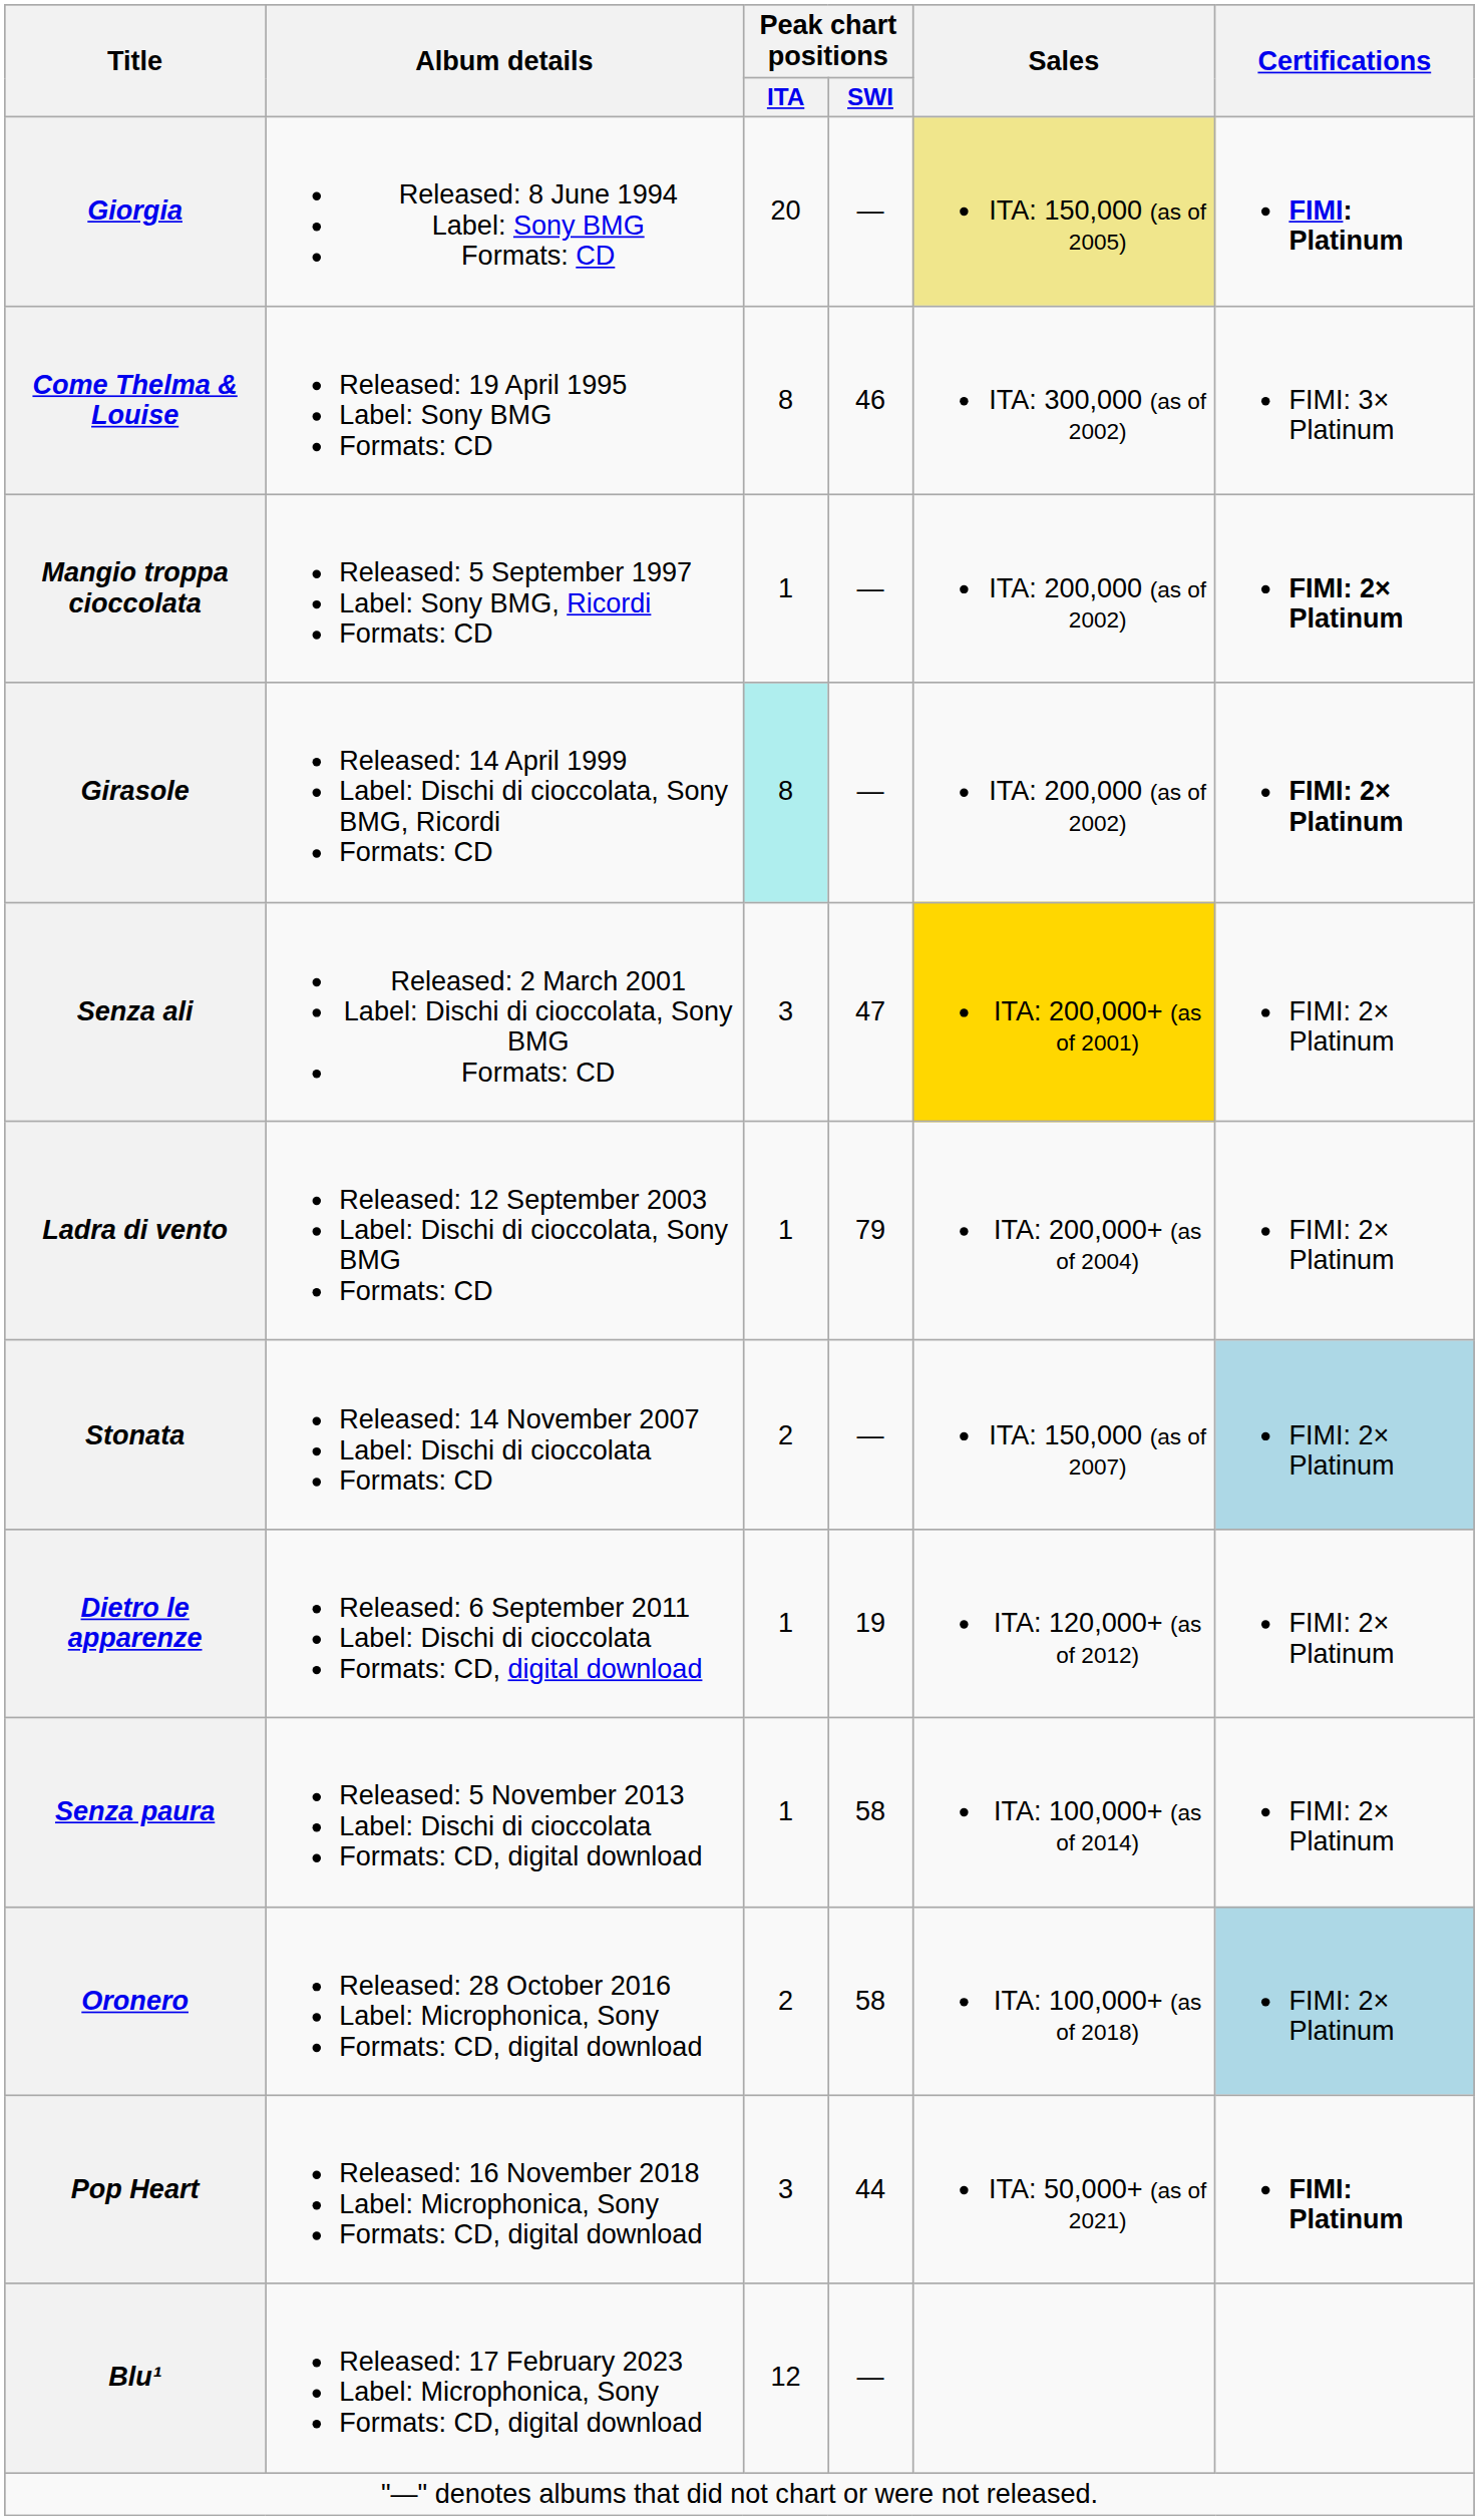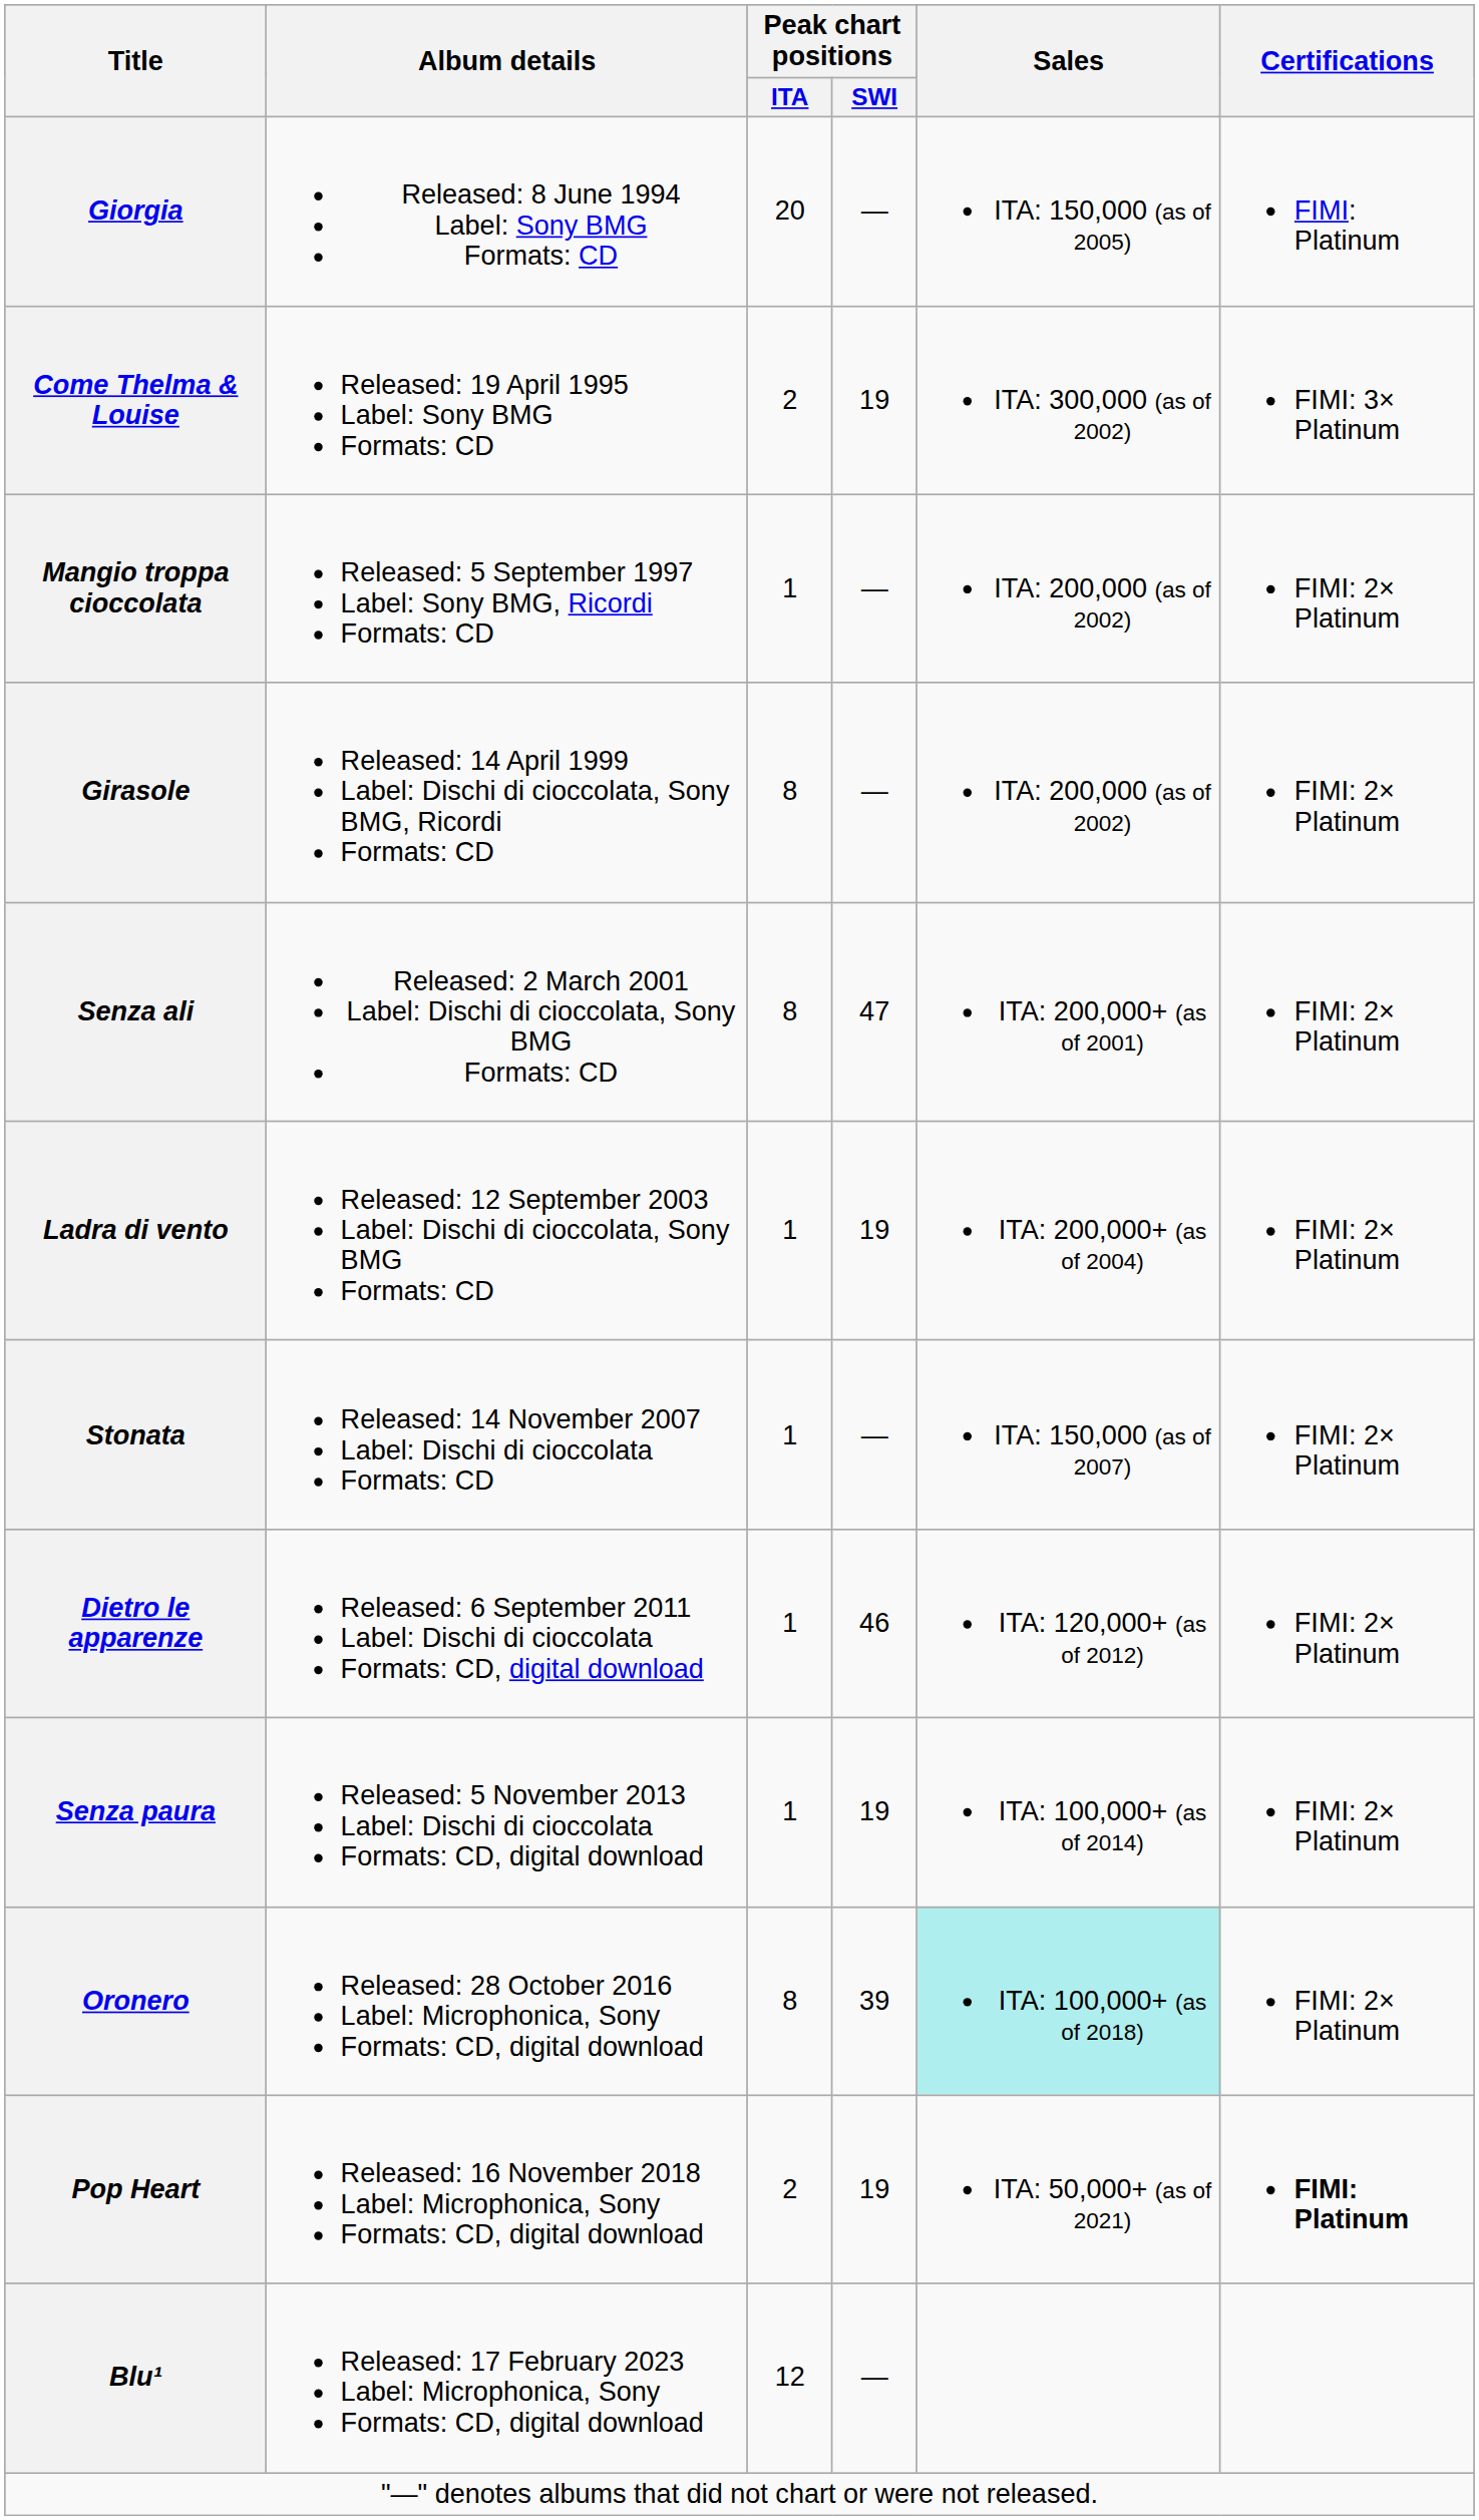 <table class="wikitable plainrowheaders" style="text-align:center;" border="1">
 <tr>
 <th scope="column" rowspan="2">Title</th>
 <th scope="column" rowspan="2">Album details</th>
 <th scope="column" colspan="2">Peak chart positions</th>
 <th scope="column" rowspan="2">Sales</th>
 <th scope="column" rowspan="2"><a href='#'>Certifications</a></th>
 </tr>
 <tr>
 <th scope="col" style="width:3em;font-size:90%;"><a href='#'>ITA</a><br></th>
 <th scope="col" style="width:3em;font-size:90%;"><a href='#'>SWI</a><br></th>
 </tr>
 <tr>
 <th scope="row"><em><a href='#'>Giorgia</a></em></th>
 <td style="texta-align:left;"><br><ul><li>Released: 8 June 1994</li><li>Label: <a href='#'>Sony BMG</a></li><li>Formats: <a href='#'>CD</a></li></ul></td>
 <td>20</td>
 <td>—</td>
-<td style="background: khaki;"><br><ul><li>ITA: 150,000 <small>(as of 2005)</small></li></ul></td>
-<td style="text-align:left;"><strong><br><ul><li><a href='#'>FIMI</a>: Platinum</li></ul></strong></td>
+<td><br><ul><li>ITA: 150,000 <small>(as of 2005)</small></li></ul></td>
+<td style="text-align:left;"><br><ul><li><a href='#'>FIMI</a>: Platinum</li></ul></td>
 </tr>
 <tr>
 <th scope="row"><em><a href='#'>Come Thelma & Louise</a></em></th>
 <td style="text-align:left;"><br><ul><li>Released: 19 April 1995</li><li>Label: Sony BMG</li><li>Formats: CD</li></ul></td>
-<td>8</td>
-<td>46</td>
+<td>2</td>
+<td>19</td>
 <td><br><ul><li>ITA: 300,000 <small>(as of 2002)</small></li></ul></td>
 <td style="text-align:left;"><br><ul><li>FIMI: 3× Platinum</li></ul></td>
 </tr>
 <tr>
 <th scope="row"><em>Mangio troppa cioccolata</em></th>
 <td style="text-align:left;"><br><ul><li>Released: 5 September 1997</li><li>Label: Sony BMG, <a href='#'>Ricordi</a></li><li>Formats: CD</li></ul></td>
 <td>1</td>
 <td>—</td>
 <td><br><ul><li>ITA: 200,000 <small>(as of 2002)</small></li></ul></td>
-<td style="text-align:left;"><strong><br><ul><li>FIMI: 2× Platinum</li></ul></strong></td>
+<td style="text-align:left;"><br><ul><li>FIMI: 2× Platinum</li></ul></td>
 </tr>
 <tr>
 <th scope="row"><em>Girasole</em></th>
 <td style="text-align:left;"><br><ul><li>Released: 14 April 1999</li><li>Label: Dischi di cioccolata, Sony BMG, Ricordi</li><li>Formats: CD</li></ul></td>
-<td style="background: paleturquoise;">8</td>
+<td>8</td>
 <td>—</td>
 <td><br><ul><li>ITA: 200,000 <small>(as of 2002)</small></li></ul></td>
-<td style="text-align:left;"><strong><br><ul><li>FIMI: 2× Platinum</li></ul></strong></td>
+<td style="text-align:left;"><br><ul><li>FIMI: 2× Platinum</li></ul></td>
 </tr>
 <tr>
 <th scope="row"><em>Senza ali</em></th>
 <td style="texta-align:left;"><br><ul><li>Released: 2 March 2001</li><li>Label: Dischi di cioccolata, Sony BMG</li><li>Formats: CD</li></ul></td>
-<td>3</td>
+<td>8</td>
 <td>47</td>
-<td style="background: gold;"><br><ul><li>ITA: 200,000+ <small>(as of 2001)</small></li></ul></td>
+<td><br><ul><li>ITA: 200,000+ <small>(as of 2001)</small></li></ul></td>
 <td style="text-align:left;"><br><ul><li>FIMI: 2× Platinum</li></ul></td>
 </tr>
 <tr>
 <th scope="row"><em>Ladra di vento</em></th>
 <td style="text-align:left;"><br><ul><li>Released: 12 September 2003</li><li>Label: Dischi di cioccolata, Sony BMG</li><li>Formats: CD</li></ul></td>
 <td>1</td>
-<td>79</td>
+<td>19</td>
 <td><br><ul><li>ITA: 200,000+ <small>(as of 2004)</small></li></ul></td>
 <td style="text-align:left;"><br><ul><li>FIMI: 2× Platinum</li></ul></td>
 </tr>
 <tr>
 <th scope="row"><em>Stonata</em></th>
 <td style="text-align:left;"><br><ul><li>Released: 14 November 2007</li><li>Label: Dischi di cioccolata</li><li>Formats: CD</li></ul></td>
-<td>2</td>
+<td>1</td>
 <td>—</td>
 <td><br><ul><li>ITA: 150,000 <small>(as of 2007)</small></li></ul></td>
-<td style="background: lightblue; text-align:left;"><br><ul><li>FIMI: 2× Platinum</li></ul></td>
+<td style="text-align:left;"><br><ul><li>FIMI: 2× Platinum</li></ul></td>
 </tr>
 <tr>
 <th scope="row"><em><a href='#'>Dietro le apparenze</a></em></th>
 <td style="text-align:left;"><br><ul><li>Released: 6 September 2011</li><li>Label: Dischi di cioccolata</li><li>Formats: CD, <a href='#'>digital download</a></li></ul></td>
 <td>1</td>
-<td>19</td>
+<td>46</td>
 <td><br><ul><li>ITA: 120,000+ <small>(as of 2012)</small></li></ul></td>
 <td style="text-align:left;"><br><ul><li>FIMI: 2× Platinum</li></ul></td>
 </tr>
 <tr>
 <th scope="row"><em><a href='#'>Senza paura</a></em></th>
 <td style="text-align:left;"><br><ul><li>Released: 5 November 2013</li><li>Label: Dischi di cioccolata</li><li>Formats: CD, digital download</li></ul></td>
 <td>1</td>
-<td>58</td>
+<td>19</td>
 <td><br><ul><li>ITA: 100,000+ <small>(as of 2014)</small></li></ul></td>
 <td style="text-align:left;"><br><ul><li>FIMI: 2× Platinum</li></ul></td>
 </tr>
 <tr>
 <th scope="row"><em><a href='#'>Oronero</a></em></th>
 <td style="text-align:left;"><br><ul><li>Released: 28 October 2016</li><li>Label: Microphonica, Sony</li><li>Formats: CD, digital download</li></ul></td>
-<td>2<br></td>
-<td>58</td>
-<td><br><ul><li>ITA: 100,000+ <small>(as of 2018)</small></li></ul></td>
-<td style="background: lightblue; text-align:left;"><br><ul><li>FIMI: 2× Platinum</li></ul></td>
+<td>8<br></td>
+<td>39</td>
+<td style="background: paleturquoise;"><br><ul><li>ITA: 100,000+ <small>(as of 2018)</small></li></ul></td>
+<td style="text-align:left;"><br><ul><li>FIMI: 2× Platinum</li></ul></td>
 </tr>
 <tr>
 <th scope="row"><em>Pop Heart</em></th>
 <td style="text-align:left;"><br><ul><li>Released: 16 November 2018</li><li>Label: Microphonica, Sony</li><li>Formats: CD, digital download</li></ul></td>
-<td>3<br></td>
-<td>44</td>
+<td>2<br></td>
+<td>19</td>
 <td><br><ul><li>ITA: 50,000+ <small>(as of 2021)</small></li></ul></td>
 <td style="text-align:left;"><strong><br><ul><li>FIMI: Platinum</li></ul></strong></td>
 </tr>
 <tr>
 <th scope="row"><em>Blu¹</em></th>
 <td style="text-align:left;"><br><ul><li>Released: 17 February 2023</li><li>Label: Microphonica, Sony</li><li>Formats: CD, digital download</li></ul></td>
 <td>12<br></td>
 <td>—</td>
 <td></td>
 <td></td>
 </tr>
 <tr>
 <td colspan="20">"—" denotes albums that did not chart or were not released.</td>
 </tr>
 </table>
